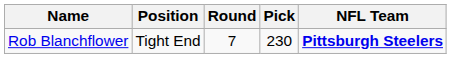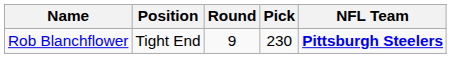 <table class="wikitable sortable" border="1" style="text-align: center;">
 <tr align=center>
 <th>Name</th>
 <th>Position</th>
 <th>Round</th>
 <th>Pick</th>
 <th>NFL Team</th>
 </tr>
 <tr align="center" bgcolor="">
 <td><a href='#'>Rob Blanchflower</a></td>
 <td>Tight End</td>
-<td>7</td>
+<td>9</td>
 <td>230</td>
 <td><strong><a href='#'>Pittsburgh Steelers</a></strong></td>
 </tr>
 </table>
